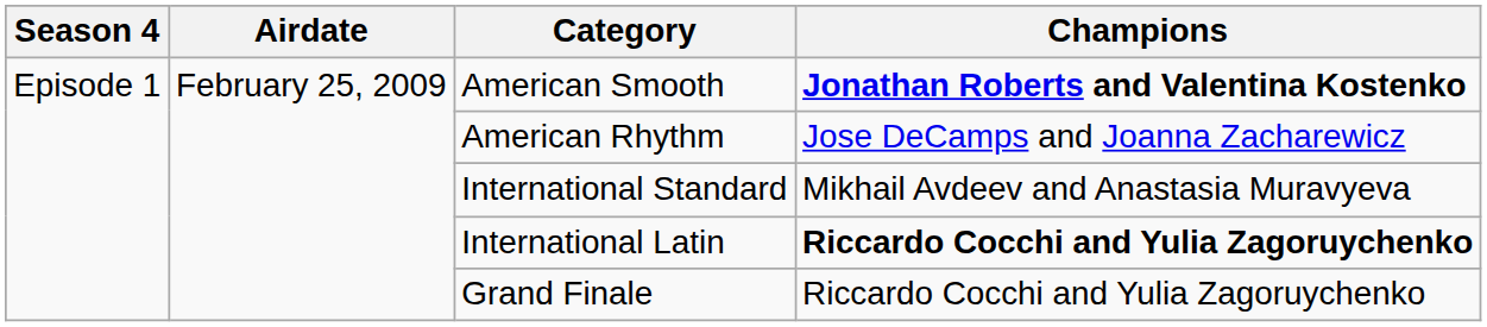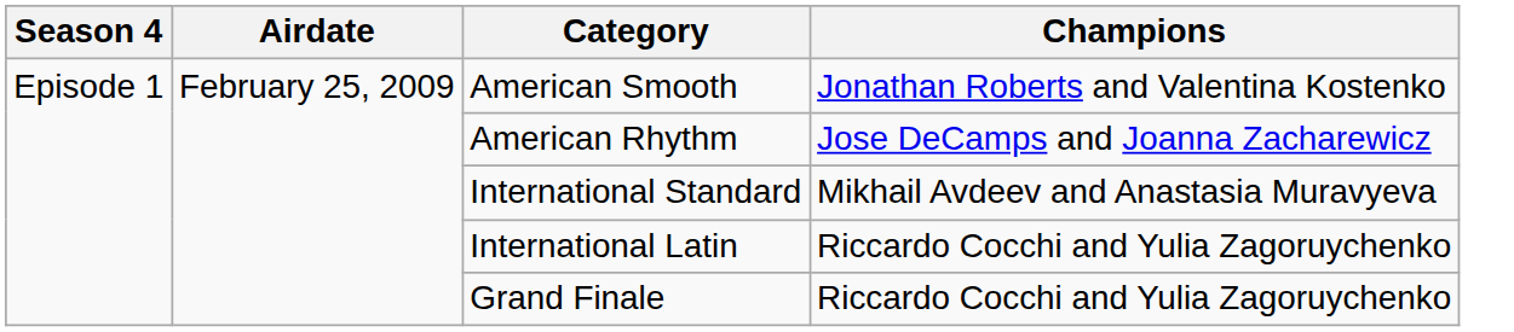 <table class="wikitable">
 <tr>
 <th>Season 4</th>
 <th>Airdate</th>
 <th>Category</th>
 <th>Champions</th>
 </tr>
 <tr valign="top">
 <td rowspan="5">Episode 1</td>
 <td rowspan="5">February 25, 2009</td>
 <td>American Smooth</td>
-<td><strong><a href='#'>Jonathan Roberts</a> and Valentina Kostenko</strong></td>
+<td><a href='#'>Jonathan Roberts</a> and Valentina Kostenko</td>
 </tr>
 <tr>
 <td>American Rhythm</td>
 <td><a href='#'>Jose DeCamps</a> and <a href='#'>Joanna Zacharewicz</a></td>
 </tr>
 <tr>
 <td>International Standard</td>
 <td>Mikhail Avdeev and Anastasia Muravyeva</td>
 </tr>
 <tr>
 <td>International Latin</td>
-<td><strong>Riccardo Cocchi and Yulia Zagoruychenko</strong></td>
+<td>Riccardo Cocchi and Yulia Zagoruychenko</td>
 </tr>
 <tr>
 <td>Grand Finale</td>
 <td>Riccardo Cocchi and Yulia Zagoruychenko</td>
 </tr>
 </table>
